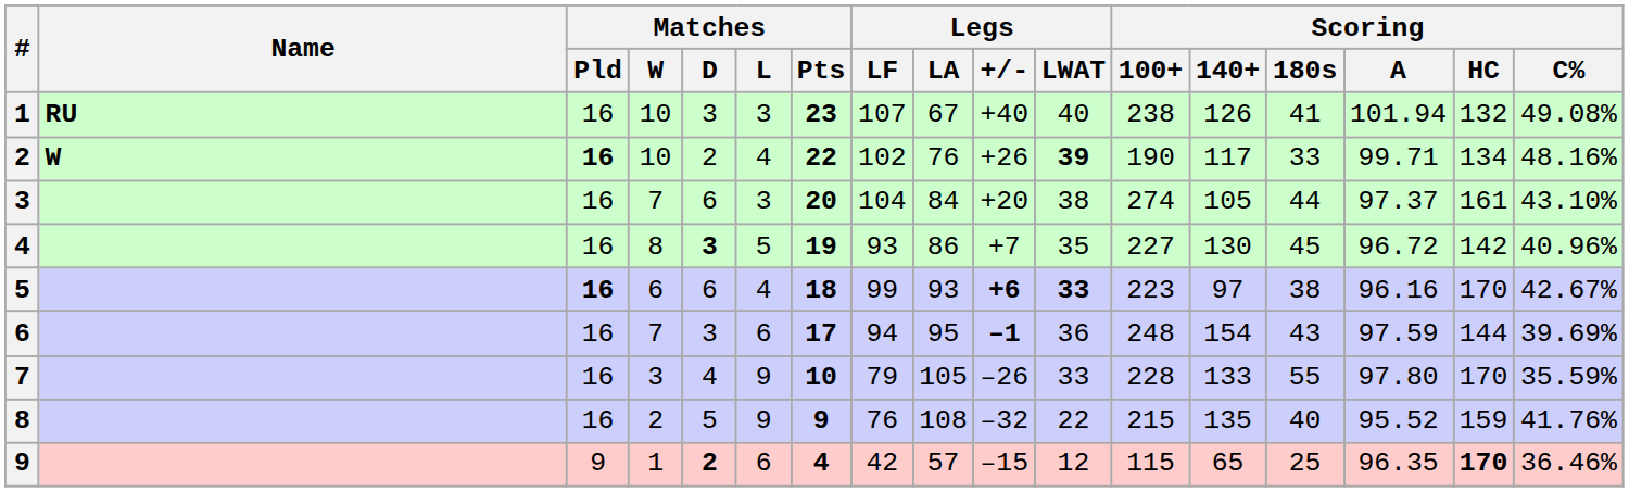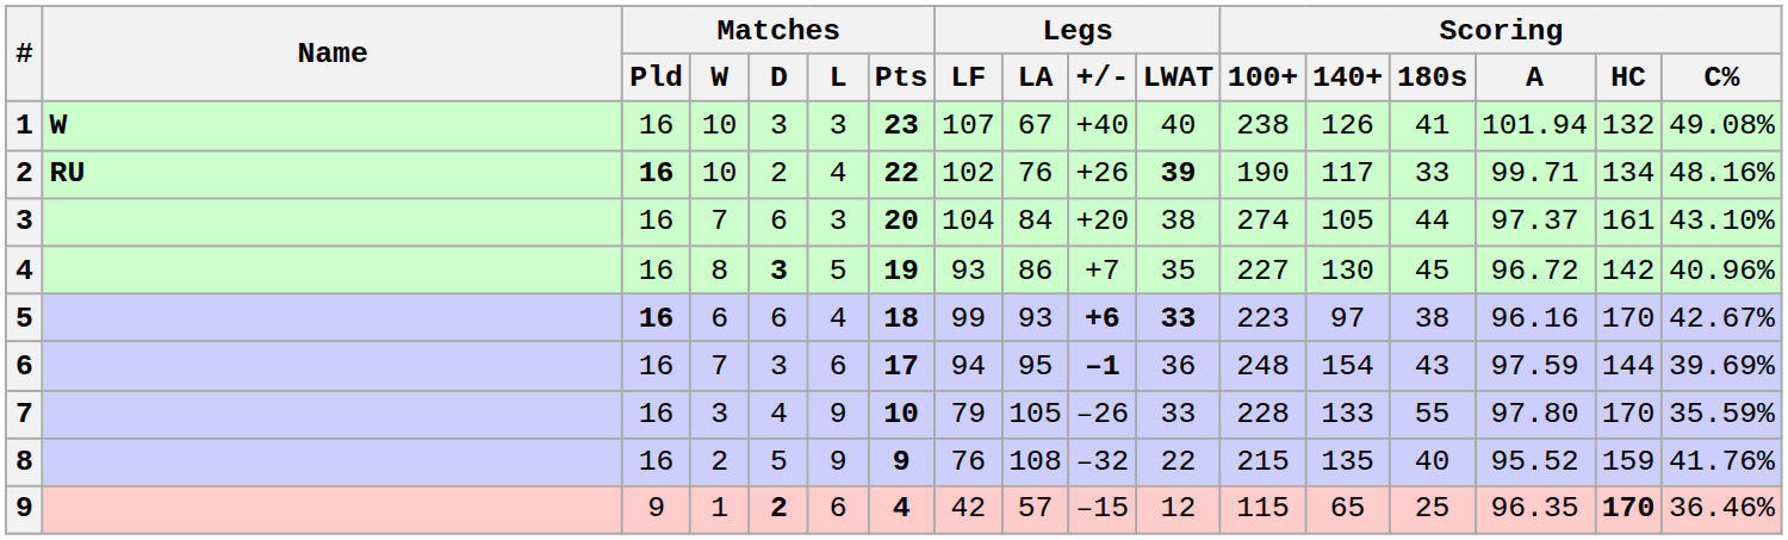 <table class="wikitable sortable" style="text-align:center;">
 <tr>
 <th rowspan=2 style="width:10px;" abbr="Position">#</th>
 <th rowspan=2 width=250>Name</th>
 <th colspan=5>Matches</th>
 <th colspan=4>Legs</th>
 <th colspan=6>Scoring</th>
 </tr>
 <tr>
 <th style="width:20px;" abbr="Played">Pld</th>
 <th style="width:20px;" abbr="Won">W</th>
 <th style="width:20px;" abbr="Drawn">D</th>
 <th style="width:20px;" abbr="Lost">L</th>
 <th style="width:20px;" abbr="Points">Pts</th>
 <th style="width:20px;" abbr="Legs For">LF</th>
 <th style="width:20px;" abbr="Legs Against">LA</th>
 <th style="width:20px;" abbr="Leg Difference">+/-</th>
 <th style="width:20px;" abbr="Legs Won Against Throw">LWAT</th>
 <th style="width:20px;" abbr="Tons">100+</th>
 <th style="width:20px;" abbr="140 Plus">140+</th>
 <th style="width:20px;" abbr="Maximums">180s</th>
 <th style="width:20px;" abbr="Average">A</th>
 <th style="width:20px;" abbr="High Checkout">HC</th>
 <th style="width:20px;" abbr="Checkout Percentage">C%</th>
 </tr>
 <tr style="background:#ccffcc;">
 <th>1</th>
-<td align=left> <strong>RU</strong></td>
+<td align=left> <strong>W</strong></td>
 <td>16</td>
 <td>10</td>
 <td>3</td>
 <td>3</td>
 <td><strong>23</strong></td>
 <td>107</td>
 <td>67</td>
 <td>+40</td>
 <td>40</td>
 <td>238</td>
 <td>126</td>
 <td>41</td>
 <td>101.94</td>
 <td>132</td>
 <td>49.08%</td>
 </tr>
 <tr style="background:#ccffcc;">
 <th>2</th>
-<td align=left> <strong>W</strong></td>
+<td align=left> <strong>RU</strong></td>
 <td><strong>16</strong></td>
 <td>10</td>
 <td>2</td>
 <td>4</td>
 <td><strong>22</strong></td>
 <td>102</td>
 <td>76</td>
 <td>+26</td>
 <td><strong>39</strong></td>
 <td>190</td>
 <td>117</td>
 <td>33</td>
 <td>99.71</td>
 <td>134</td>
 <td>48.16%</td>
 </tr>
 <tr style="background:#ccffcc;">
 <th>3</th>
 <td align=left></td>
 <td>16</td>
 <td>7</td>
 <td>6</td>
 <td>3</td>
 <td><strong>20</strong></td>
 <td>104</td>
 <td>84</td>
 <td>+20</td>
 <td>38</td>
 <td>274</td>
 <td>105</td>
 <td>44</td>
 <td>97.37</td>
 <td>161</td>
 <td>43.10%</td>
 </tr>
 <tr style="background:#ccffcc;">
 <th>4</th>
 <td align=left></td>
 <td>16</td>
 <td>8</td>
 <td><strong>3</strong></td>
 <td>5</td>
 <td><strong>19</strong></td>
 <td>93</td>
 <td>86</td>
 <td>+7</td>
 <td>35</td>
 <td>227</td>
 <td>130</td>
 <td>45</td>
 <td>96.72</td>
 <td>142</td>
 <td>40.96%</td>
 </tr>
 <tr style="background:#cccffc;">
 <th>5</th>
 <td align=left></td>
 <td><strong>16</strong></td>
 <td>6</td>
 <td>6</td>
 <td>4</td>
 <td><strong>18</strong></td>
 <td>99</td>
 <td>93</td>
 <td><strong>+6</strong></td>
 <td><strong>33</strong></td>
 <td>223</td>
 <td>97</td>
 <td>38</td>
 <td>96.16</td>
 <td>170</td>
 <td>42.67%</td>
 </tr>
 <tr style="background:#cccffc;">
 <th>6</th>
 <td align=left></td>
 <td>16</td>
 <td>7</td>
 <td>3</td>
 <td>6</td>
 <td><strong>17</strong></td>
 <td>94</td>
 <td>95</td>
 <td><strong>–1</strong></td>
 <td>36</td>
 <td>248</td>
 <td>154</td>
 <td>43</td>
 <td>97.59</td>
 <td>144</td>
 <td>39.69%</td>
 </tr>
 <tr style="background:#cccffc;">
 <th>7</th>
 <td align=left></td>
 <td>16</td>
 <td>3</td>
 <td>4</td>
 <td>9</td>
 <td><strong>10</strong></td>
 <td>79</td>
 <td>105</td>
 <td>–26</td>
 <td>33</td>
 <td>228</td>
 <td>133</td>
 <td>55</td>
 <td>97.80</td>
 <td>170</td>
 <td>35.59%</td>
 </tr>
 <tr style="background:#cccffc;">
 <th>8</th>
 <td align=left></td>
 <td>16</td>
 <td>2</td>
 <td>5</td>
 <td>9</td>
 <td><strong>9</strong></td>
 <td>76</td>
 <td>108</td>
 <td>–32</td>
 <td>22</td>
 <td>215</td>
 <td>135</td>
 <td>40</td>
 <td>95.52</td>
 <td>159</td>
 <td>41.76%</td>
 </tr>
 <tr style="background:#fcc;">
 <th>9</th>
 <td align=left></td>
 <td>9</td>
 <td>1</td>
 <td><strong>2</strong></td>
 <td>6</td>
 <td><strong>4</strong></td>
 <td>42</td>
 <td>57</td>
 <td>–15</td>
 <td>12</td>
 <td>115</td>
 <td>65</td>
 <td>25</td>
 <td>96.35</td>
 <td><strong>170</strong></td>
 <td>36.46%</td>
 </tr>
 </table>
